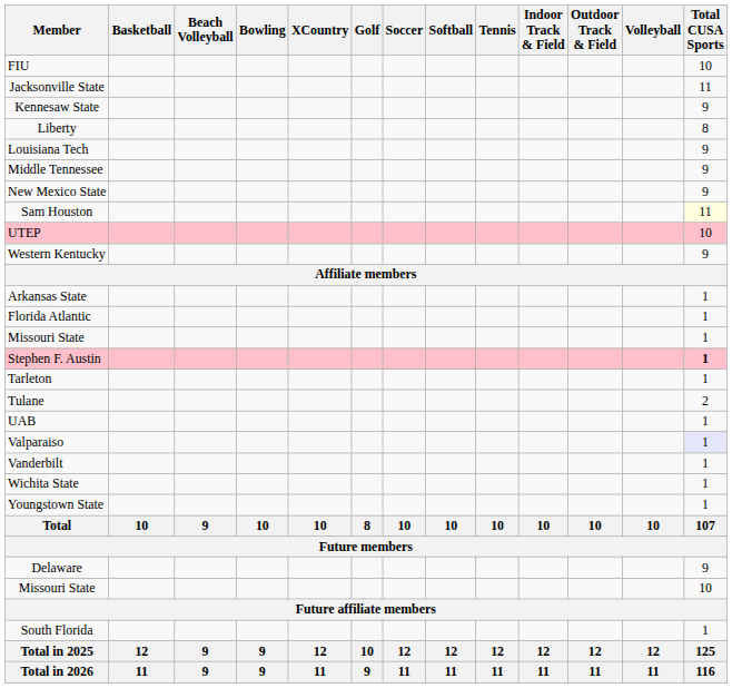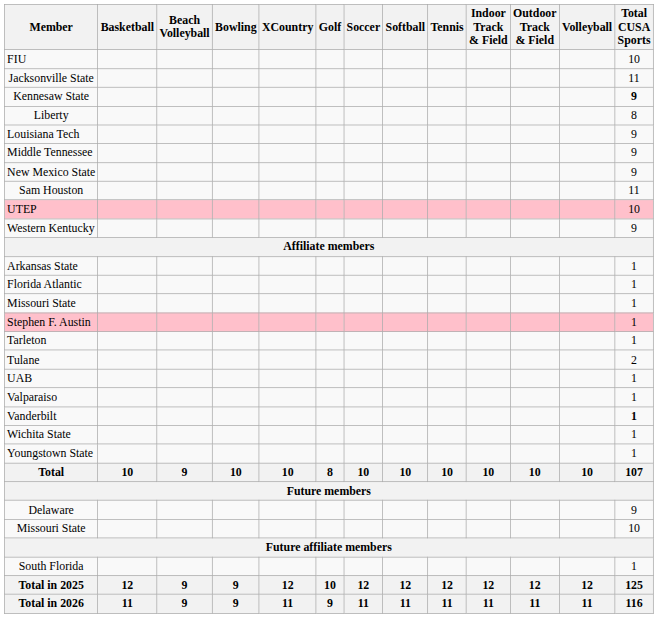 <table class="wikitable" style="text-align: center">
 <tr>
 <th>Member</th>
 <th>Basketball</th>
 <th>Beach<br>Volleyball</th>
 <th>Bowling</th>
 <th>XCountry</th>
 <th>Golf</th>
 <th>Soccer</th>
 <th>Softball</th>
 <th>Tennis</th>
 <th>Indoor<br>Track<br>& Field</th>
 <th>Outdoor<br>Track<br>& Field</th>
 <th>Volleyball</th>
 <th>Total<br>CUSA<br>Sports</th>
 </tr>
 <tr>
 <td align=left>FIU</td>
 <td></td>
 <td></td>
 <td></td>
 <td></td>
 <td></td>
 <td></td>
 <td></td>
 <td></td>
 <td></td>
 <td></td>
 <td></td>
 <td>10</td>
 </tr>
 <tr>
 <td>Jacksonville State</td>
 <td></td>
 <td></td>
 <td></td>
 <td></td>
 <td></td>
 <td></td>
 <td></td>
 <td></td>
 <td></td>
 <td></td>
 <td></td>
 <td>11</td>
 </tr>
 <tr>
 <td>Kennesaw State</td>
 <td></td>
 <td></td>
 <td></td>
 <td></td>
 <td></td>
 <td></td>
 <td></td>
 <td></td>
 <td></td>
 <td></td>
 <td></td>
-<td>9</td>
+<td><strong>9</strong></td>
 </tr>
 <tr>
 <td>Liberty</td>
 <td></td>
 <td></td>
 <td></td>
 <td></td>
 <td></td>
 <td></td>
 <td></td>
 <td></td>
 <td></td>
 <td></td>
 <td></td>
 <td>8</td>
 </tr>
 <tr>
 <td align=left>Louisiana Tech</td>
 <td></td>
 <td></td>
 <td></td>
 <td></td>
 <td></td>
 <td></td>
 <td></td>
 <td></td>
 <td></td>
 <td></td>
 <td></td>
 <td>9</td>
 </tr>
 <tr>
 <td align=left>Middle Tennessee</td>
 <td></td>
 <td></td>
 <td></td>
 <td></td>
 <td></td>
 <td></td>
 <td></td>
 <td></td>
 <td></td>
 <td></td>
 <td></td>
 <td>9</td>
 </tr>
 <tr>
 <td>New Mexico State</td>
 <td></td>
 <td></td>
 <td></td>
 <td></td>
 <td></td>
 <td></td>
 <td></td>
 <td></td>
 <td></td>
 <td></td>
 <td></td>
 <td>9</td>
 </tr>
 <tr>
 <td>Sam Houston</td>
 <td></td>
 <td></td>
 <td></td>
 <td></td>
 <td></td>
 <td></td>
 <td></td>
 <td></td>
 <td></td>
 <td></td>
 <td></td>
-<td style="background: lightyellow;">11</td>
+<td>11</td>
 </tr>
 <tr bgcolor=pink>
 <td align=left>UTEP</td>
 <td></td>
 <td></td>
 <td></td>
 <td></td>
 <td></td>
 <td></td>
 <td></td>
 <td></td>
 <td></td>
 <td></td>
 <td></td>
 <td>10</td>
 </tr>
 <tr>
 <td align=left>Western Kentucky</td>
 <td></td>
 <td></td>
 <td></td>
 <td></td>
 <td></td>
 <td></td>
 <td></td>
 <td></td>
 <td></td>
 <td></td>
 <td></td>
 <td>9</td>
 </tr>
 <tr>
 <th colspan=13>Affiliate members</th>
 </tr>
 <tr>
 <td align=left>Arkansas State</td>
 <td></td>
 <td></td>
 <td></td>
 <td></td>
 <td></td>
 <td></td>
 <td></td>
 <td></td>
 <td></td>
 <td></td>
 <td></td>
 <td>1</td>
 </tr>
 <tr>
 <td align=left>Florida Atlantic</td>
 <td></td>
 <td></td>
 <td></td>
 <td></td>
 <td></td>
 <td></td>
 <td></td>
 <td></td>
 <td></td>
 <td></td>
 <td></td>
 <td>1</td>
 </tr>
 <tr>
 <td align=left>Missouri State</td>
 <td></td>
 <td></td>
 <td></td>
 <td></td>
 <td></td>
 <td></td>
 <td></td>
 <td></td>
 <td></td>
 <td></td>
 <td></td>
 <td>1</td>
 </tr>
 <tr bgcolor=pink>
 <td align=left>Stephen F. Austin</td>
 <td></td>
 <td></td>
 <td></td>
 <td></td>
 <td></td>
 <td></td>
 <td></td>
 <td></td>
 <td></td>
 <td></td>
 <td></td>
-<td><strong>1</strong></td>
+<td>1</td>
 </tr>
 <tr>
 <td align=left>Tarleton</td>
 <td></td>
 <td></td>
 <td></td>
 <td></td>
 <td></td>
 <td></td>
 <td></td>
 <td></td>
 <td></td>
 <td></td>
 <td></td>
 <td>1</td>
 </tr>
 <tr>
 <td align=left>Tulane</td>
 <td></td>
 <td></td>
 <td></td>
 <td></td>
 <td></td>
 <td></td>
 <td></td>
 <td></td>
 <td></td>
 <td></td>
 <td></td>
 <td>2</td>
 </tr>
 <tr>
 <td align=left>UAB</td>
 <td></td>
 <td></td>
 <td></td>
 <td></td>
 <td></td>
 <td></td>
 <td></td>
 <td></td>
 <td></td>
 <td></td>
 <td></td>
 <td>1</td>
 </tr>
 <tr>
 <td align=left>Valparaiso</td>
 <td></td>
 <td></td>
 <td></td>
 <td></td>
 <td></td>
 <td></td>
 <td></td>
 <td></td>
 <td></td>
 <td></td>
 <td></td>
-<td style="background: lavender;">1</td>
+<td>1</td>
 </tr>
 <tr>
 <td align=left>Vanderbilt</td>
 <td></td>
 <td></td>
 <td></td>
 <td></td>
 <td></td>
 <td></td>
 <td></td>
 <td></td>
 <td></td>
 <td></td>
 <td></td>
-<td>1</td>
+<td><strong>1</strong></td>
 </tr>
 <tr>
 <td align=left>Wichita State</td>
 <td></td>
 <td></td>
 <td></td>
 <td></td>
 <td></td>
 <td></td>
 <td></td>
 <td></td>
 <td></td>
 <td></td>
 <td></td>
 <td>1</td>
 </tr>
 <tr>
 <td align=left>Youngstown State</td>
 <td></td>
 <td></td>
 <td></td>
 <td></td>
 <td></td>
 <td></td>
 <td></td>
 <td></td>
 <td></td>
 <td></td>
 <td></td>
 <td>1</td>
 </tr>
 <tr>
 <th>Total</th>
 <th>10</th>
 <th>9</th>
 <th>10</th>
 <th>10</th>
 <th>8</th>
 <th>10</th>
 <th>10</th>
 <th>10</th>
 <th>10</th>
 <th>10</th>
 <th>10</th>
 <th>107</th>
 </tr>
 <tr>
 <th colspan=13>Future members</th>
 </tr>
 <tr>
 <td>Delaware</td>
 <td></td>
 <td></td>
 <td></td>
 <td></td>
 <td></td>
 <td></td>
 <td></td>
 <td></td>
 <td></td>
 <td></td>
 <td></td>
 <td>9</td>
 </tr>
 <tr>
 <td>Missouri State</td>
 <td></td>
 <td></td>
 <td></td>
 <td></td>
 <td></td>
 <td></td>
 <td></td>
 <td></td>
 <td></td>
 <td></td>
 <td></td>
 <td>10<br></td>
 </tr>
 <tr>
 <th colspan="13">Future affiliate members</th>
 </tr>
 <tr>
 <td>South Florida</td>
 <td></td>
 <td></td>
 <td></td>
 <td></td>
 <td></td>
 <td></td>
 <td></td>
 <td></td>
 <td></td>
 <td></td>
 <td></td>
 <td>1</td>
 </tr>
 <tr>
 <th>Total in 2025</th>
 <th>12</th>
 <th>9</th>
 <th>9</th>
 <th>12</th>
 <th>10</th>
 <th>12</th>
 <th>12</th>
 <th>12</th>
 <th>12</th>
 <th>12</th>
 <th>12</th>
 <th>125</th>
 </tr>
 <tr>
 <th>Total in 2026</th>
 <th>11</th>
 <th>9</th>
 <th>9</th>
 <th>11</th>
 <th>9</th>
 <th>11</th>
 <th>11</th>
 <th>11</th>
 <th>11</th>
 <th>11</th>
 <th>11</th>
 <th>116</th>
 </tr>
 </table>
